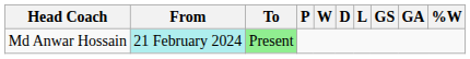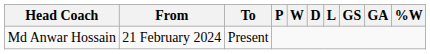 <table class="wikitable sortable" style="text-align:center">
 <tr>
 <th>Head Coach</th>
 <th class="unsortable">From</th>
 <th class="unsortable">To</th>
 <th abbr="1">P</th>
 <th abbr="0">W</th>
 <th abbr="0">D</th>
 <th abbr="1">L</th>
 <th abbr="0">GS</th>
 <th abbr="1">GA</th>
 <th abbr="00">%W</th>
 </tr>
 <tr>
 <td align=left> Md Anwar Hossain</td>
-<td align=left style="background: paleturquoise;">21 February 2024</td>
-<td align=left style="background: lightgreen;">Present<br></td>
+<td align=left>21 February 2024</td>
+<td align=left>Present<br></td>
 </tr>
 </table>
